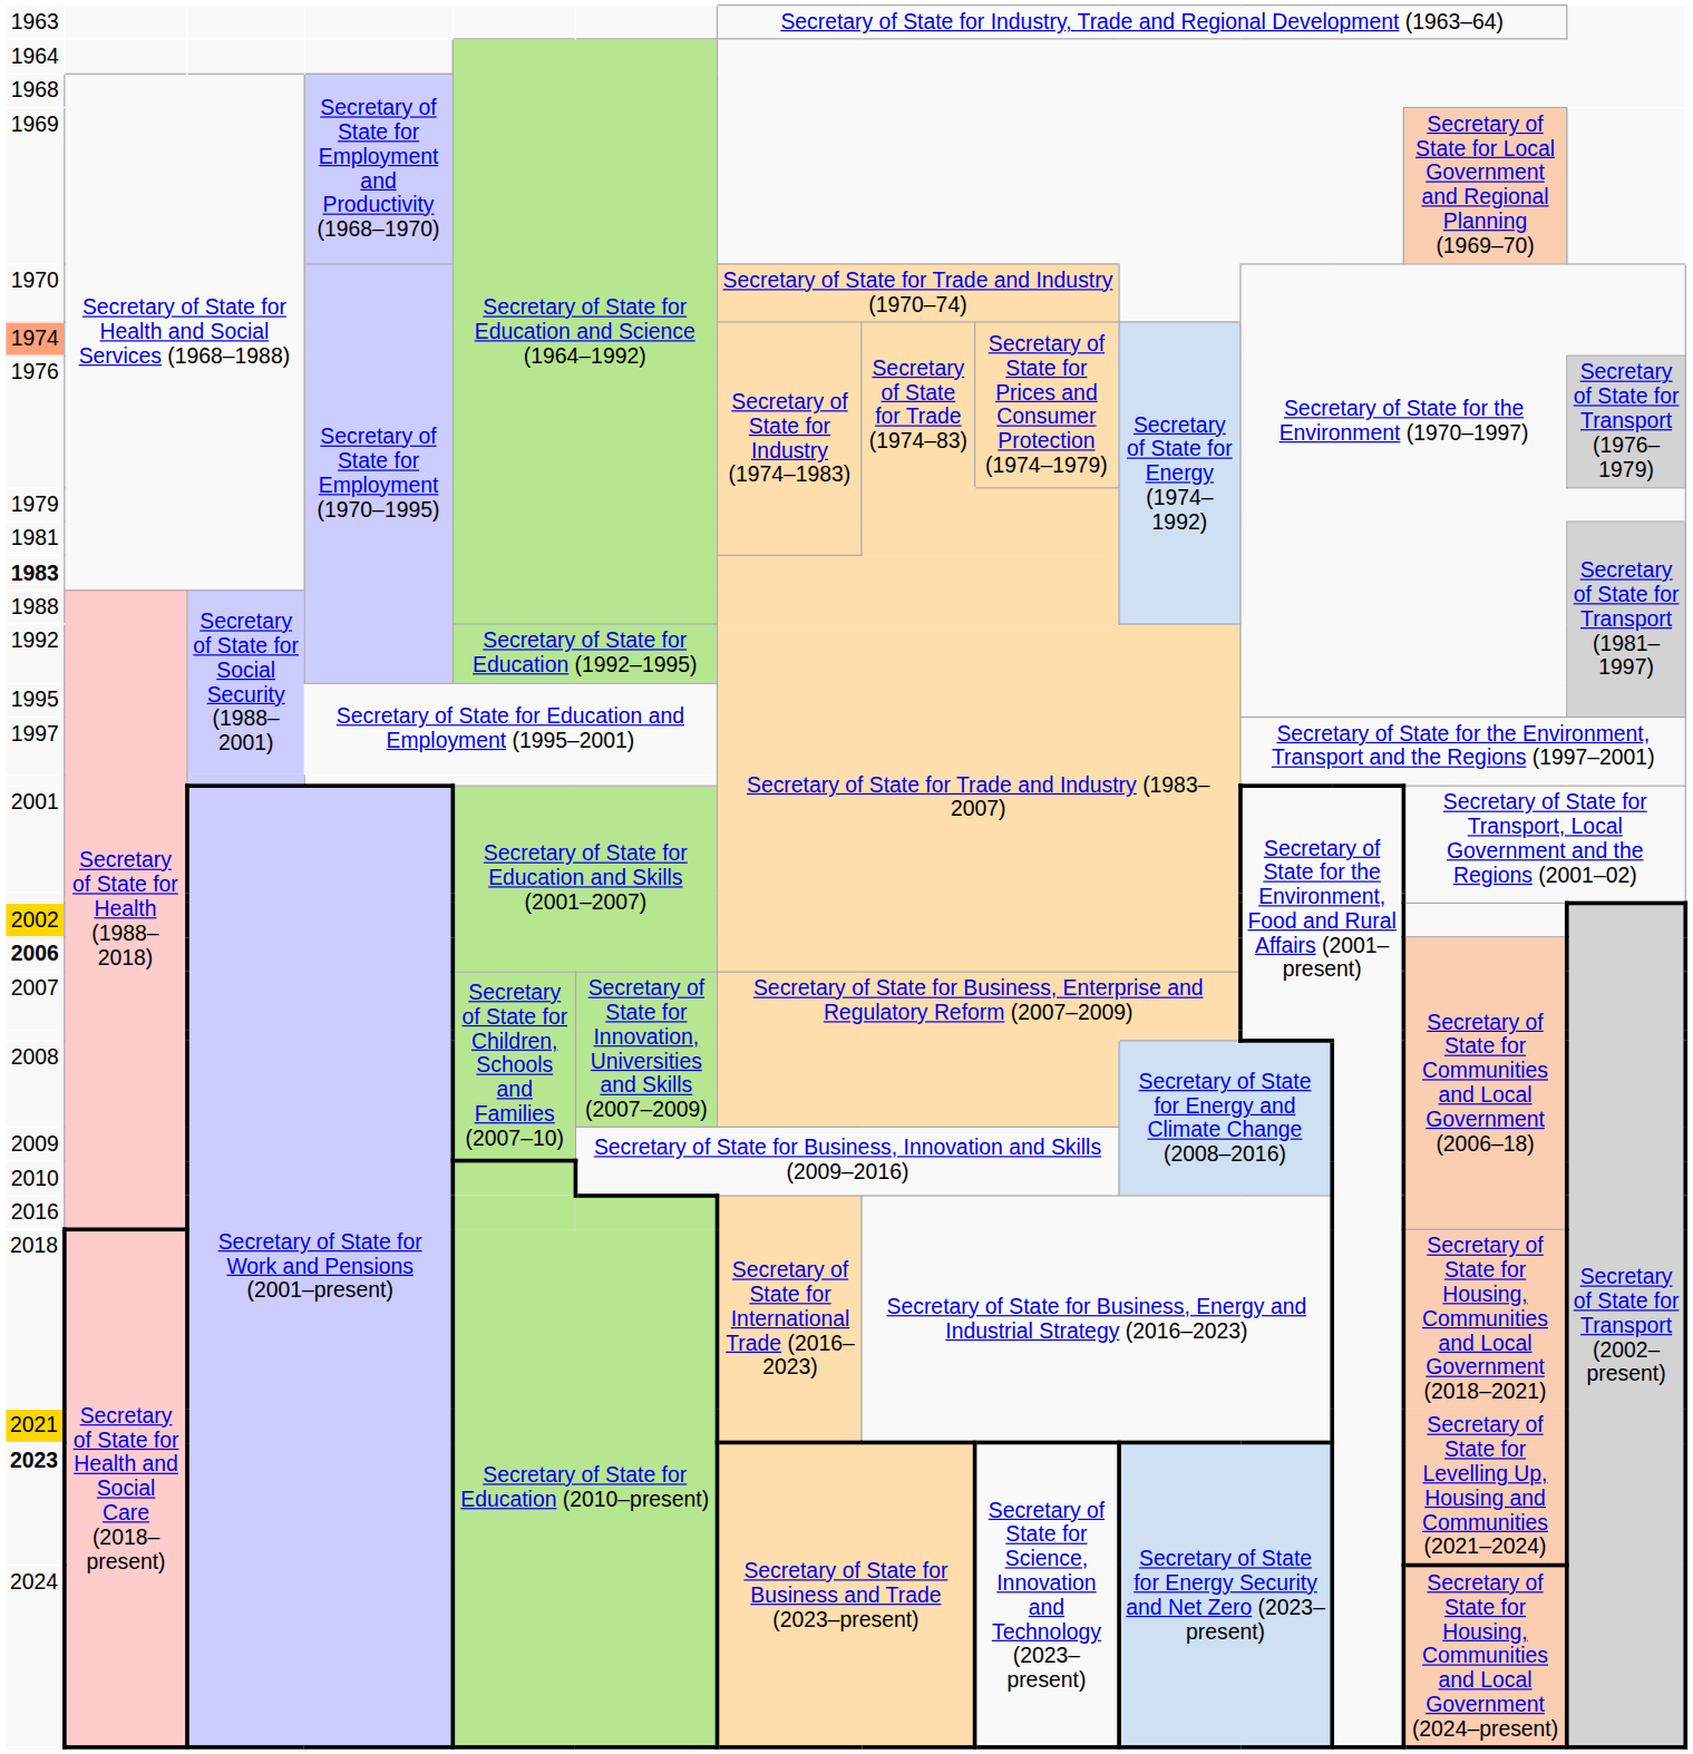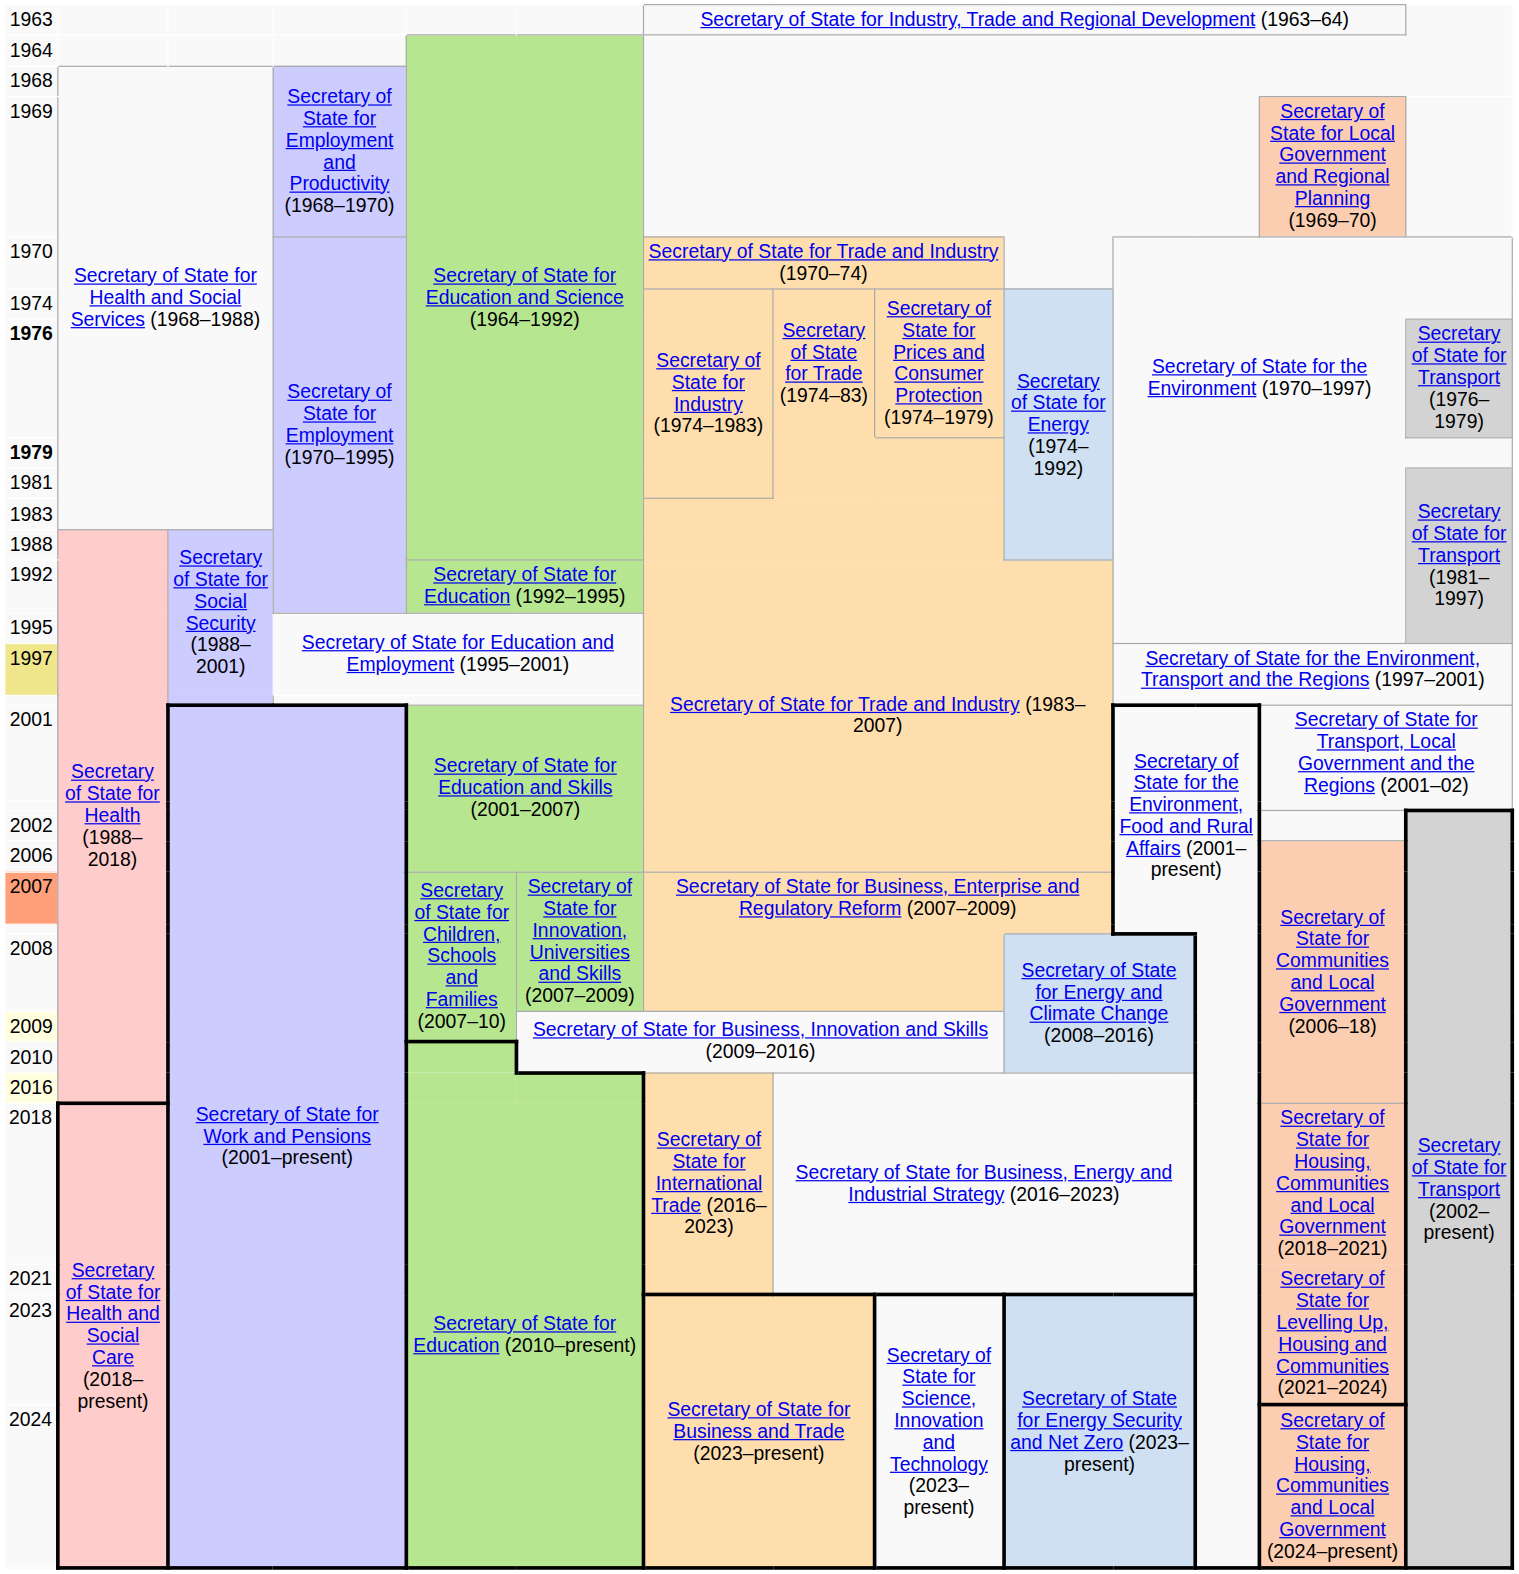 <table class="wikitable" style="text-align:center;">
 <tr>
 <td style="border-width:1px 0 0 1px;border-color:white;vertical-align:top;">1963</td>
 <td style="border-width:1px 0 0 1px;border-color:white;"></td>
 <td style="border-width:1px 0 0 1px;border-color:white;"></td>
 <td style="border-width:1px 0 0 1px;border-color:white;"></td>
 <td style="border-width:1px 0 0 1px;border-color:white;"></td>
 <td style="border-width:1px 0 0 1px;border-color:white;"></td>
 <td colspan="7"><a href='#'>Secretary of State for Industry, Trade and Regional Development</a> (1963–64)</td>
 <td style="border-width:1px 1px 0 0;border-color:white;"></td>
 </tr>
 <tr>
 <td style="border-width:1px 0 1px 1px;border-color:white;vertical-align:top;">1964</td>
 <td style="border-width:1px 1px 0 1px;border-color:white;"></td>
 <td style="border-width:1px 0 0 1px;border-color:white;"></td>
 <td style="border-width:1px 0 0 1px;border-color:white;"></td>
 <td rowspan="10" colspan="2" style="background: #b7e690;"><a href='#'>Secretary of State for Education and Science</a> (1964–1992)</td>
 <td colspan="8" style="border-width:0 1px 0 0;border-color:white;"></td>
 </tr>
 <tr>
 <td style="border-width:1px 0 1px 1px;border-color:white;vertical-align:top;">1968</td>
 <td rowspan="8" colspan="2"><a href='#'>Secretary of State for Health and Social Services</a> (1968–1988)</td>
 <td rowspan="2" style="background:#CCCCFF;"><a href='#'>Secretary of State for Employment and Productivity</a> (1968–1970)</td>
 <td colspan="8" style="border-width:0 1px 0 0;border-color:white;"></td>
 </tr>
 <tr>
 <td style="border-width:1px 0 1px 1px;border-color:white;vertical-align:top;">1969</td>
 <td colspan="3" style="border-width:0 0 1px 1px"></td>
 <td colspan="1" style="border-width:0 0 0 0"></td>
 <td colspan="2" style="border-width:0 1px 1px 0"></td>
 <td style="background:#FBCEB1"><a href='#'>Secretary of State for Local Government and Regional Planning</a> (1969–70)</td>
 <td style="border-width:1px 1px 0 0;border-color:white;"></td>
 </tr>
 <tr>
 <td style="border-width:1px 0 1px 1px;border-color:white;vertical-align:top;">1970</td>
 <td rowspan="8" style="background:#CCCCFF;"><a href='#'>Secretary of State for Employment</a> (1970–1995)</td>
 <td colspan="3" style="background:#ffdead;"><a href='#'>Secretary of State for Trade and Industry</a> (1970–74)</td>
 <td style="border-width:0 1px 0 0"></td>
 <td rowspan="2" colspan="3" style="border-width:0 0 0 0"></td>
 <td rowspan="2" style="border-width:1px 1px 1px 0"></td>
 </tr>
 <tr>
-<td style="background: lightsalmon; border-width:1px 0 1px 1px;border-color:white;vertical-align:top;">1974</td>
+<td style="border-width:1px 0 1px 1px;border-color:white;vertical-align:top;">1974</td>
 <td rowspan="4" style="background:#ffdead;"><a href='#'>Secretary of State for Industry</a> (1974–1983)</td>
 <td rowspan="2" style="border-width:0 0 1px 0;border-color:#ffdead;background:#ffdead;"><a href='#'>Secretary of State for Trade</a> (1974–83)</td>
 <td rowspan="2" style="background:#ffdead;"><a href='#'>Secretary of State for Prices and Consumer Protection</a> (1974–1979)</td>
 <td rowspan="6" style="background:#CEE0F2"><a href='#'>Secretary of State for Energy</a> (1974–1992)</td>
 </tr>
 <tr>
-<td style="border-width:1px 0 1px 1px;border-color:white;vertical-align:top;">1976</td>
+<td style="border-width:1px 0 1px 1px;border-color:white;vertical-align:top;"><strong>1976</strong></td>
 <td colspan="3" style="border-width:0 0 0 0"><a href='#'>Secretary of State for the Environment</a> (1970–1997)</td>
 <td style="background:lightgrey"><a href='#'>Secretary of State for Transport</a> (1976–1979)</td>
 </tr>
 <tr>
-<td style="border-width:1px 0 1px 1px;border-color:white;vertical-align:top;">1979</td>
+<td style="border-width:1px 0 1px 1px;border-color:white;vertical-align:top;"><strong>1979</strong></td>
 <td rowspan="2" style="border-width:0 0 0 0;border-color:#ffdead;background:#ffdead;"></td>
 <td rowspan="2" style="border-width:0 0 0 1px;border-color:#ffdead;background:#ffdead;"></td>
 <td colspan="2" style="border-width:0 0 0 1px"></td>
 <td colspan="2" style="border-width:0 1px 0 0"></td>
 </tr>
 <tr>
 <td style="border-width:1px 0 1px 1px;border-color:white;vertical-align:top;">1981</td>
 <td rowspan="5" colspan="3" style="border-width:0 1px 1px 1px"></td>
 <td rowspan="5" style="background:lightgrey"><a href='#'>Secretary of State for Transport</a> (1981–1997)</td>
 </tr>
 <tr>
-<td style="border-width:1px 0 1px 1px;border-color:white;vertical-align:top;"><strong>1983</strong></td>
+<td style="border-width:1px 0 1px 1px;border-color:white;vertical-align:top;">1983</td>
 <td rowspan="2" colspan="3" style="border-width:0 0 1px 1px;border-color:#ffdead;background:#ffdead;"></td>
 </tr>
 <tr>
 <td style="border-width:1px 0 1px 1px;border-color:white;vertical-align:top;">1988</td>
 <td rowspan="15" style="background:#FFCCCC;"><a href='#'>Secretary of State for Health</a> (1988–2018)</td>
 <td rowspan="4" style="border-width:0 0 1px 0;border-color:#CCCCFF;background:#CCCCFF;"><a href='#'>Secretary of State for Social Security</a> (1988–2001)</td>
 </tr>
 <tr>
 <td style="border-width:1px 0 1px 1px;border-color:white;vertical-align:top;">1992</td>
 <td colspan="2" style="background:#b7e690;"><a href='#'>Secretary of State for Education</a> (1992–1995)</td>
 <td rowspan="8" colspan="4" style="background:#ffdead;"><a href='#'>Secretary of State for Trade and Industry</a> (1983–2007)</td>
 </tr>
 <tr>
 <td style="border-width:1px 0 1px 1px;border-color:white;vertical-align:top;">1995</td>
 <td rowspan="2" colspan="3" style="border-width:0 0 1px 0;border-color:white"><a href='#'>Secretary of State for Education and Employment</a> (1995–2001)</td>
 </tr>
 <tr>
-<td style="border-width:1px 0 1px 1px;border-color:white;vertical-align:top;">1997</td>
+<td style="background: khaki; border-width:1px 0 1px 1px;border-color:white;vertical-align:top;">1997</td>
 <td rowspan="1" colspan="4" style="border-width:1px 1px 0 1px;"><a href='#'>Secretary of State for the Environment, Transport and the Regions</a> (1997–2001)</td>
 </tr>
 <tr>
 <td style="border-width:1px 0 1px 1px;border-color:white;vertical-align:top;"></td>
 <td style="background:#CCCCFF;"></td>
 </tr>
 <tr>
 <td style="border-width:1px 0 1px 1px;border-color:white;vertical-align:top;">2001</td>
 <td rowspan="14" colspan="2" style="border-width:3px 3px 3px 3px;border-color:black;background:#CCCCFF;"><a href='#'>Secretary of State for Work and Pensions</a> (2001–present)</td>
 <td rowspan="4" colspan="2" style="background:#b7e690;"><a href='#'>Secretary of State for Education and Skills</a> (2001–2007)</td>
 <td rowspan="5" colspan="2" style="border-width:3px 3px 0 3px;border-color:black"><a href='#'>Secretary of State for the Environment, Food and Rural Affairs</a> (2001–present)</td>
 <td colspan="2" style="border-width:1px 1px 0 0"><a href='#'>Secretary of State for Transport, Local Government and the Regions</a> (2001–02)</td>
 </tr>
 <tr>
 <td style="border-width:1px 0 1px 1px;border-color:white;vertical-align:top;"></td>
 <td style="border-width:0 0 1px 1px;"></td>
 <td style="border-width:0 1px 1px 0;"></td>
 </tr>
 <tr>
-<td style="background: gold; border-width:1px 0 1px 1px;border-color:white;vertical-align:top;">2002</td>
+<td style="border-width:1px 0 1px 1px;border-color:white;vertical-align:top;">2002</td>
 <td></td>
 <td rowspan="12" style="border-width:3px 3px 3px 3px;border-color:black;background:lightgrey"><a href='#'>Secretary of State for Transport</a> (2002–present)</td>
 </tr>
 <tr>
-<td style="border-width:1px 0 1px 1px;border-color:white;vertical-align:top;"><strong>2006</strong></td>
+<td style="border-width:1px 0 1px 1px;border-color:white;vertical-align:top;">2006</td>
 <td rowspan="7" style="background:#FBCEB1"><a href='#'>Secretary of State for Communities and Local Government</a> (2006–18)</td>
 </tr>
 <tr>
-<td style="border-width:1px 0 1px 1px;border-color:white;vertical-align:top;">2007</td>
+<td style="background: lightsalmon; border-width:1px 0 1px 1px;border-color:white;vertical-align:top;">2007</td>
 <td rowspan="4" style="background:#b7e690;"><a href='#'>Secretary of State for Children, Schools and Families</a> (2007–10)</td>
 <td rowspan="3" style="background:#b7e690;"><a href='#'>Secretary of State for Innovation, Universities and Skills</a> (2007–2009)</td>
 <td colspan="4" style="border-width:0 0 1px 1px;border-color:#ffdead;background:#ffdead;"><a href='#'>Secretary of State for Business, Enterprise and Regulatory Reform</a> (2007–2009)</td>
 </tr>
 <tr>
 <td style="border-width:1px 0 1px 1px;border-color:white;vertical-align:top;"></td>
 <td style="border-color:#ffdead;background:#ffdead;"></td>
 <td style="border-color:#ffdead;background:#ffdead;"></td>
 <td style="border-color:#ffdead;background:#ffdead;"></td>
 <td style="background:#ffdead;"></td>
 <td style="border-width:0 0 3px 3px;border-color:black"></td>
 <td style="border-width:0 3px 0 0;border-color:black"></td>
 </tr>
 <tr>
 <td style="border-width:1px 0 1px 1px;border-color:white;vertical-align:top;">2008</td>
 <td colspan="3" style="border-width:1px 0 1px 0;border-color:#a1a9b1;background:#ffdead;"></td>
 <td rowspan="3" colspan="2" style="background:#CEE0F2"><a href='#'>Secretary of State for Energy and Climate Change</a> (2008–2016)</td>
 <td rowspan="8" style="border-width:0 3px 3px 3px;border-color:black"></td>
 </tr>
 <tr>
-<td style="border-width:1px 0 1px 1px;border-color:white;vertical-align:top;">2009</td>
+<td style="background: lightyellow; border-width:1px 0 1px 1px;border-color:white;vertical-align:top;">2009</td>
 <td rowspan="2" colspan="4"><a href='#'>Secretary of State for Business, Innovation and Skills</a> (2009–2016)</td>
 </tr>
 <tr>
 <td style="border-width:1px 0 1px 1px;border-color:white;vertical-align:top;">2010</td>
 <td style="border-width:3px 3px 0 0;border-color:black;background:#b7e690;"></td>
 </tr>
 <tr>
-<td style="border-width:1px 0 1px 1px;border-color:white;vertical-align:top;">2016</td>
+<td style="background: lightyellow; border-width:1px 0 1px 1px;border-color:white;vertical-align:top;">2016</td>
 <td style="border-width:0 0 0 0;border-color:black;background:#b7e690;"></td>
 <td style="border-width:3px 3px 0 0;border-color:black;background:#b7e690;"></td>
 <td rowspan="3" style="border-width:0 0 0 0;border-color:black;background:#ffdead"><a href='#'>Secretary of State for International Trade</a> (2016–2023)</td>
 <td rowspan="3" colspan="4"><a href='#'>Secretary of State for Business, Energy and Industrial Strategy</a> (2016–2023)</td>
 </tr>
 <tr>
 <td style="border-width:1px 0 1px 1px;border-color:white;vertical-align:top;">2018</td>
 <td rowspan="4" style="border-width:3px 3px 3px 3px;border-color:black;background:#FFCCCC;"><a href='#'>Secretary of State for Health and Social Care</a> (2018–present)</td>
 <td rowspan="5" colspan="2" style="border-width:0 3px 3px 0;border-color:black;background:#b7e690;"><a href='#'>Secretary of State for Education</a> (2010–present)</td>
 <td style="border-width:0;border-color:black;background:#FBCEB1"><a href='#'>Secretary of State for Housing, Communities and Local Government</a> (2018–2021)</td>
 </tr>
 <tr>
-<td style="background: gold; border-width:1px 0 1px 1px;border-color:white;vertical-align:top;">2021</td>
+<td style="border-width:1px 0 1px 1px;border-color:white;vertical-align:top;">2021</td>
 <td rowspan="2" style="border-width:0;border-color:black;background:#FBCEB1"><a href='#'>Secretary of State for Levelling Up, Housing and Communities</a> (2021–2024)</td>
 </tr>
 <tr>
-<td style="border-width:1px 0 1px 1px;border-color:white;vertical-align:top;"><strong>2023</strong></td>
+<td style="border-width:1px 0 1px 1px;border-color:white;vertical-align:top;">2023</td>
 <td rowspan="2" colspan="2" style="border-width:3px;border-color:black;background:#ffdead"><a href='#'>Secretary of State for Business and Trade</a> (2023–present)</td>
 <td rowspan="2" style="border-width:3px;border-color:black"><a href='#'>Secretary of State for Science, Innovation and Technology</a> (2023–present)</td>
 <td rowspan="2" colspan="2" style="border-width:3px;border-color:black;background:#CEE0F2"><a href='#'>Secretary of State for Energy Security and Net Zero</a> (2023–present)</td>
 </tr>
 <tr>
 <td style="border-width:1px 0 1px 1px;border-color:white;vertical-align:top;">2024</td>
 <td rowspan="2" style="border-width:3px;border-color:black;background:#FBCEB1"><a href='#'>Secretary of State for Housing, Communities and Local Government</a> (2024–present)</td>
 </tr>
 </table>
